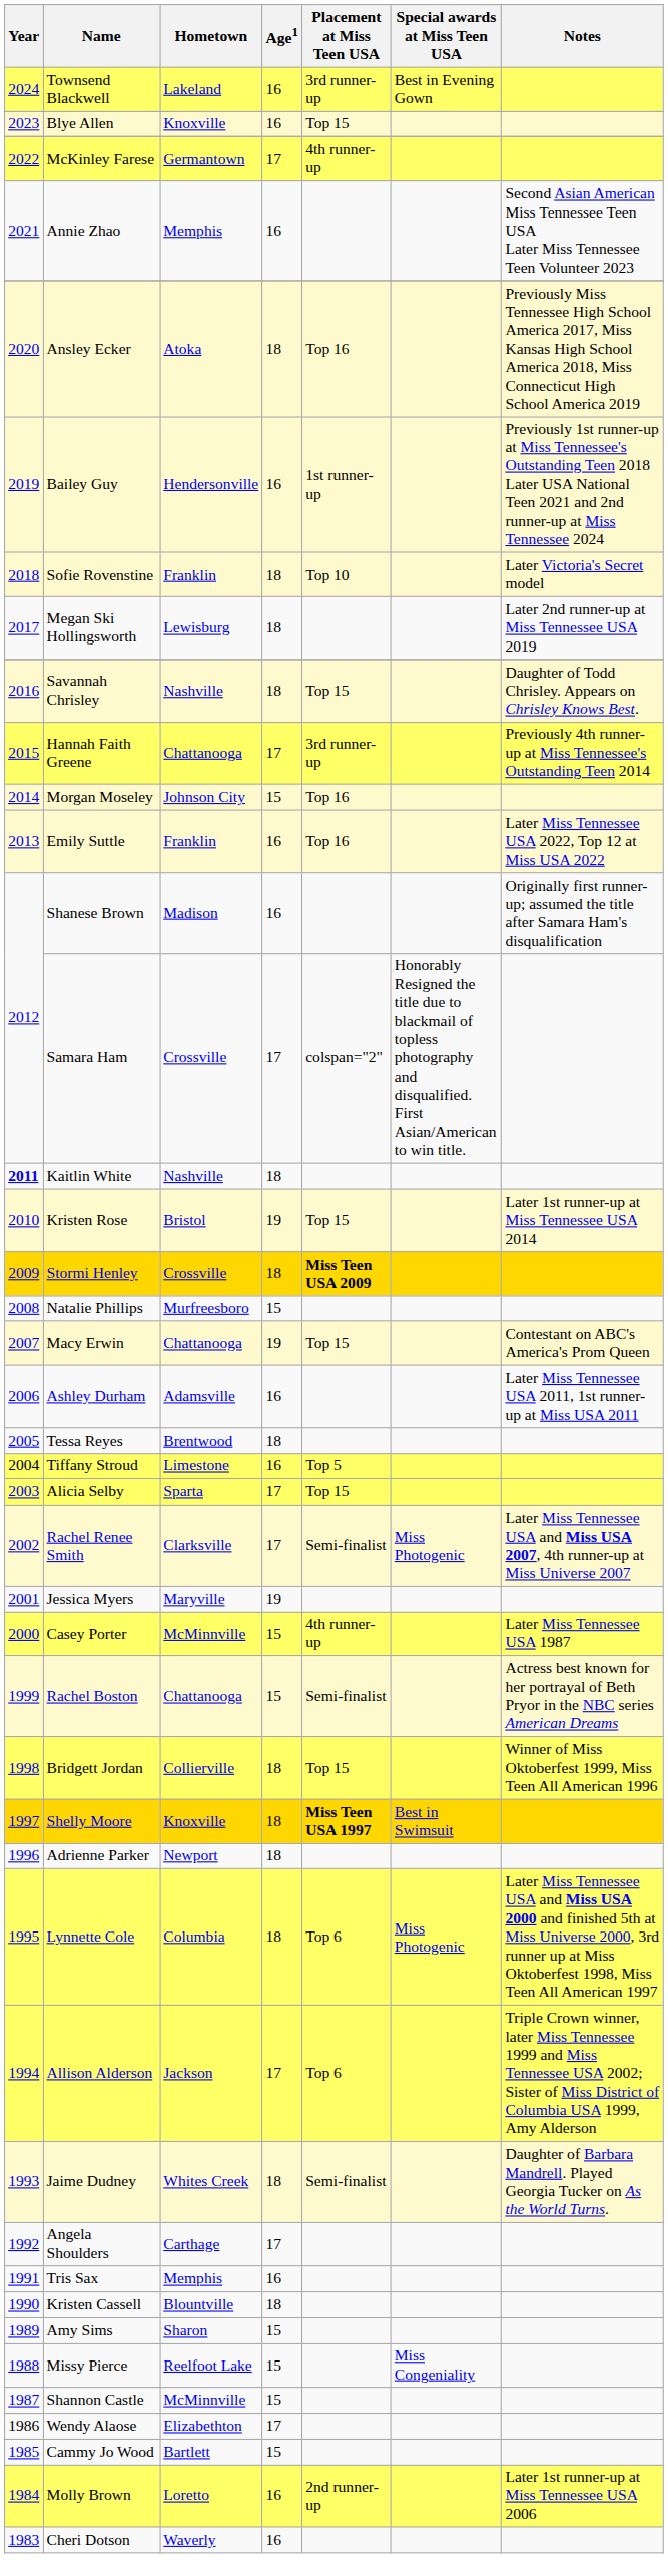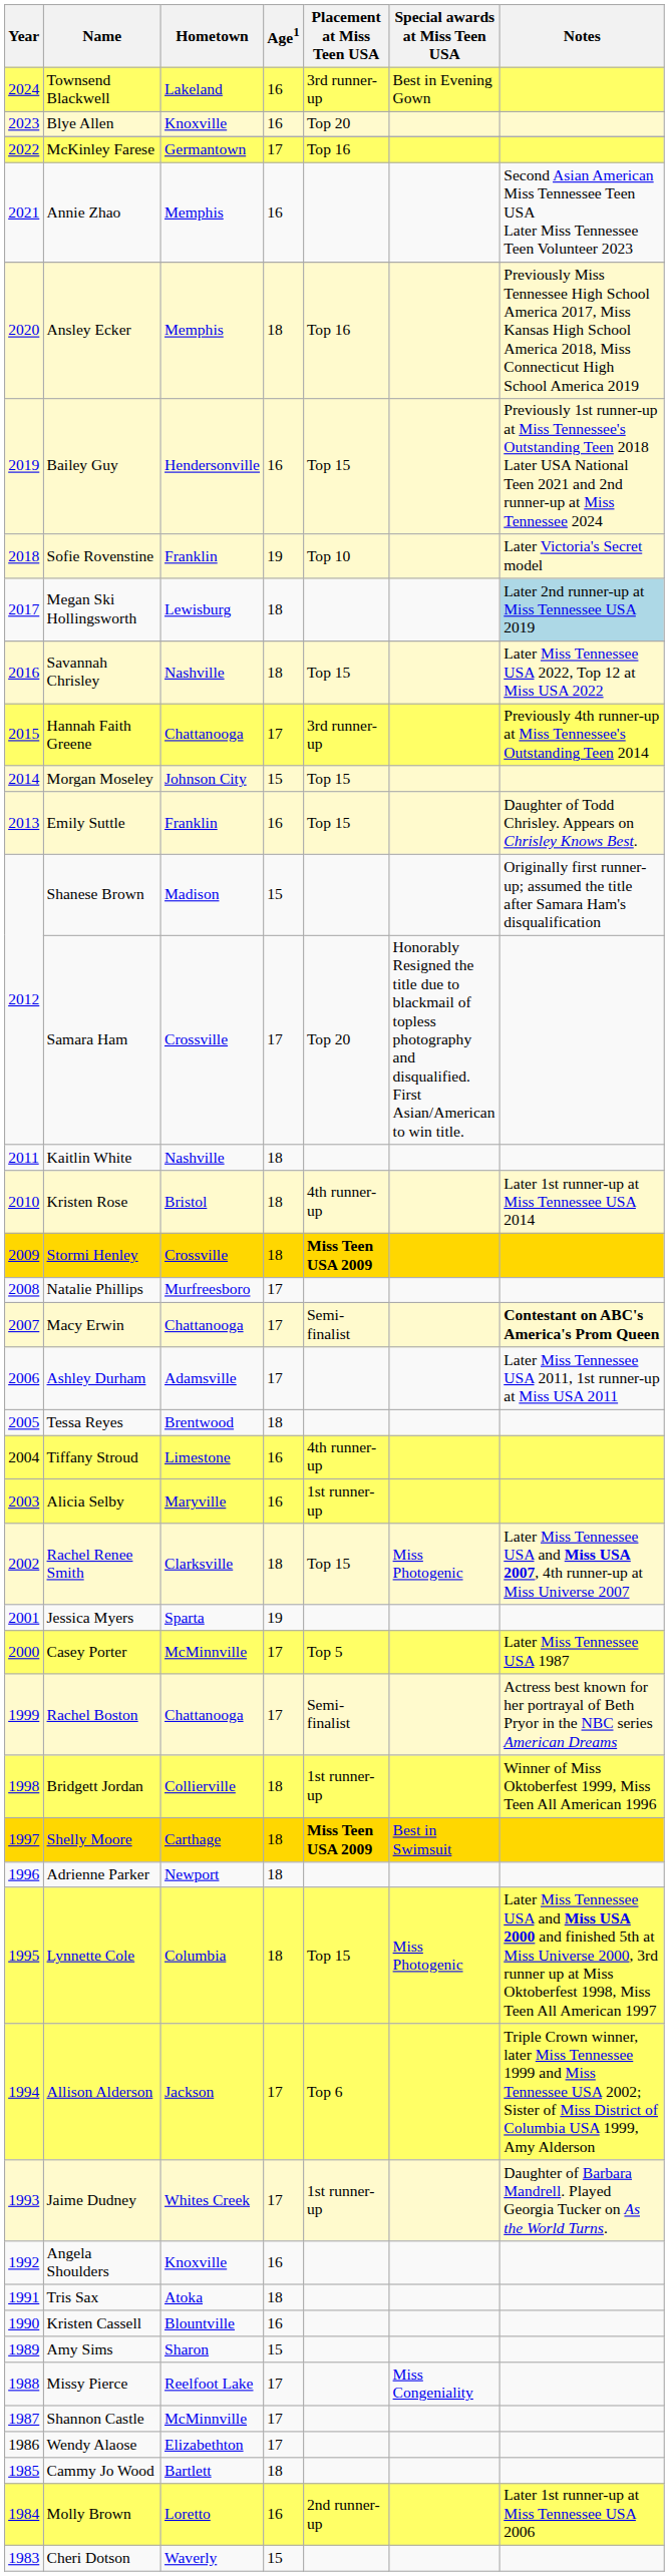 <table class="wikitable"style="font-size:90%;">
 <tr bgcolor="#efefef">
 <th width=5%>Year</th>
 <th width=20%>Name</th>
 <th width=10%>Hometown</th>
 <th width=3%>Age<sup>1</sup></th>
 <th width=14%>Placement at Miss Teen USA</th>
 <th width=17%>Special awards at Miss Teen  USA</th>
 <th width=31%>Notes</th>
 </tr>
 <tr style="background-color:#FFFF66;">
 <td><a href='#'>2024</a></td>
 <td>Townsend Blackwell</td>
 <td><a href='#'>Lakeland</a></td>
 <td>16</td>
 <td>3rd runner-up</td>
 <td>Best in Evening Gown</td>
 <td></td>
 </tr>
 <tr>
 </tr>
 <tr style="background-color:#FFFACD;">
 <td><a href='#'>2023</a></td>
 <td>Blye Allen</td>
 <td><a href='#'>Knoxville</a></td>
 <td>16</td>
-<td>Top 15</td>
+<td>Top 20</td>
 <td></td>
 <td></td>
 </tr>
 <tr>
 </tr>
 <tr style="background-color:#FFFF66;">
 <td><a href='#'>2022</a></td>
 <td>McKinley Farese</td>
 <td><a href='#'>Germantown</a></td>
 <td>17</td>
-<td>4th runner-up</td>
+<td>Top 16</td>
 <td></td>
 <td></td>
 </tr>
 <tr>
 <td><a href='#'>2021</a></td>
 <td>Annie Zhao</td>
 <td><a href='#'>Memphis</a></td>
 <td>16</td>
 <td></td>
 <td></td>
 <td>Second <a href='#'>Asian American</a> Miss Tennessee Teen USA<br>Later Miss Tennessee Teen Volunteer 2023</td>
 </tr>
 <tr>
 </tr>
 <tr style="background-color:#FFFACD;">
 <td><a href='#'>2020</a></td>
 <td>Ansley Ecker</td>
-<td><a href='#'>Atoka</a></td>
+<td><a href='#'>Memphis</a></td>
 <td>18</td>
 <td>Top 16</td>
 <td></td>
 <td>Previously Miss Tennessee High School America 2017, Miss Kansas High School America 2018, Miss Connecticut High School America 2019</td>
 </tr>
 <tr style="background-color:#FFFACD;">
 <td><a href='#'>2019</a></td>
 <td>Bailey Guy</td>
 <td><a href='#'>Hendersonville</a></td>
 <td>16</td>
-<td>1st runner-up</td>
+<td>Top 15</td>
 <td></td>
 <td>Previously 1st runner-up at <a href='#'>Miss Tennessee's Outstanding Teen</a> 2018<br>Later USA National Teen 2021 and 2nd runner-up at <a href='#'>Miss Tennessee</a> 2024</td>
 </tr>
 <tr style="background-color:#FFFACD;">
 <td><a href='#'>2018</a></td>
 <td>Sofie Rovenstine</td>
 <td><a href='#'>Franklin</a></td>
-<td>18</td>
+<td>19</td>
 <td>Top 10</td>
 <td></td>
 <td>Later <a href='#'>Victoria's Secret</a> model</td>
 </tr>
 <tr>
 <td><a href='#'>2017</a></td>
 <td>Megan Ski Hollingsworth</td>
 <td><a href='#'>Lewisburg</a></td>
 <td>18</td>
 <td></td>
 <td></td>
-<td>Later 2nd runner-up at <a href='#'>Miss Tennessee USA</a> 2019</td>
+<td style="background: lightblue;">Later 2nd runner-up at <a href='#'>Miss Tennessee USA</a> 2019</td>
 </tr>
 <tr>
 </tr>
 <tr style="background-color:#FFFACD;">
 <td><a href='#'>2016</a></td>
 <td>Savannah Chrisley</td>
 <td><a href='#'>Nashville</a></td>
 <td>18</td>
 <td>Top 15</td>
 <td></td>
-<td>Daughter of Todd Chrisley. Appears on <em><a href='#'>Chrisley Knows Best</a></em>.</td>
+<td>Later <a href='#'>Miss Tennessee USA</a> 2022, Top 12 at <a href='#'>Miss USA 2022</a></td>
 </tr>
 <tr style="background-color:#FFFF66;">
 <td><a href='#'>2015</a></td>
 <td>Hannah Faith Greene</td>
 <td><a href='#'>Chattanooga</a></td>
 <td>17</td>
 <td>3rd runner-up</td>
 <td></td>
 <td>Previously 4th runner-up at <a href='#'>Miss Tennessee's Outstanding Teen</a> 2014</td>
 </tr>
 <tr style="background-color:#FFFACD;">
 <td><a href='#'>2014</a></td>
 <td>Morgan Moseley</td>
 <td><a href='#'>Johnson City</a></td>
 <td>15</td>
-<td>Top 16</td>
+<td>Top 15</td>
 <td></td>
 <td></td>
 </tr>
 <tr style="background-color:#FFFACD;">
 <td><a href='#'>2013</a></td>
 <td>Emily Suttle</td>
 <td><a href='#'>Franklin</a></td>
 <td>16</td>
-<td>Top 16</td>
+<td>Top 15</td>
 <td></td>
-<td>Later <a href='#'>Miss Tennessee USA</a> 2022, Top 12 at <a href='#'>Miss USA 2022</a></td>
+<td>Daughter of Todd Chrisley. Appears on <em><a href='#'>Chrisley Knows Best</a></em>.</td>
 </tr>
 <tr>
 <td rowspan=2><a href='#'>2012</a></td>
 <td>Shanese Brown</td>
 <td><a href='#'>Madison</a></td>
-<td>16</td>
+<td>15</td>
 <td></td>
 <td></td>
 <td>Originally first runner-up; assumed the title after Samara Ham's disqualification</td>
 </tr>
 <tr>
 <td>Samara Ham</td>
 <td><a href='#'>Crossville</a></td>
 <td>17</td>
-<td>colspan="2" </td>
+<td>Top 20</td>
 <td>Honorably Resigned the title due to blackmail of topless photography and disqualified. First Asian/American to win title.</td>
 </tr>
 <tr>
-<td><strong><a href='#'>2011</a></strong></td>
+<td><a href='#'>2011</a></td>
 <td>Kaitlin White</td>
 <td><a href='#'>Nashville</a></td>
 <td>18</td>
 <td></td>
 <td></td>
 <td></td>
 </tr>
 <tr style="background-color:#FFFACD;">
 <td><a href='#'>2010</a></td>
 <td>Kristen Rose</td>
 <td><a href='#'>Bristol</a></td>
-<td>19</td>
-<td>Top 15</td>
+<td>18</td>
+<td>4th runner-up</td>
 <td></td>
 <td>Later 1st runner-up at <a href='#'>Miss Tennessee USA</a> 2014</td>
 </tr>
 <tr style="background-color:GOLD;">
 <td><a href='#'>2009</a></td>
 <td><a href='#'>Stormi Henley</a></td>
 <td><a href='#'>Crossville</a></td>
 <td>18</td>
 <td><strong>Miss Teen USA 2009</strong></td>
 <td></td>
 <td></td>
 </tr>
 <tr>
 <td><a href='#'>2008</a></td>
 <td>Natalie Phillips</td>
 <td><a href='#'>Murfreesboro</a></td>
-<td>15</td>
+<td>17</td>
 <td></td>
 <td></td>
 <td></td>
 </tr>
 <tr style="background-color:#FFFACD;">
 <td><a href='#'>2007</a></td>
 <td>Macy Erwin</td>
 <td><a href='#'>Chattanooga</a></td>
-<td>19</td>
-<td>Top 15</td>
+<td>17</td>
+<td>Semi-finalist</td>
 <td></td>
-<td>Contestant on ABC's America's Prom Queen</td>
+<td><strong>Contestant on ABC's America's Prom Queen</strong></td>
 </tr>
 <tr>
 <td><a href='#'>2006</a></td>
 <td><a href='#'>Ashley Durham</a></td>
 <td><a href='#'>Adamsville</a></td>
-<td>16</td>
+<td>17</td>
 <td></td>
 <td></td>
 <td>Later <a href='#'>Miss Tennessee USA</a> 2011, 1st runner-up at <a href='#'>Miss USA 2011</a></td>
 </tr>
 <tr>
 <td><a href='#'>2005</a></td>
 <td>Tessa Reyes</td>
 <td><a href='#'>Brentwood</a></td>
 <td>18</td>
 <td></td>
 <td></td>
 <td></td>
 </tr>
 <tr style="background-color:#FFFF66;">
 <td>2004</td>
 <td>Tiffany Stroud</td>
 <td><a href='#'>Limestone</a></td>
 <td>16</td>
-<td>Top 5</td>
+<td>4th runner-up</td>
 <td></td>
 <td></td>
 </tr>
 <tr style="background-color:#FFFF66;">
 <td><a href='#'>2003</a></td>
 <td>Alicia Selby</td>
-<td><a href='#'>Sparta</a></td>
-<td>17</td>
-<td>Top 15</td>
+<td><a href='#'>Maryville</a></td>
+<td>16</td>
+<td>1st runner-up</td>
 <td></td>
 <td></td>
 </tr>
 <tr style="background-color:#FFFACD;">
 <td><a href='#'>2002</a></td>
 <td><a href='#'>Rachel Renee Smith</a></td>
 <td><a href='#'>Clarksville</a></td>
-<td>17</td>
-<td>Semi-finalist</td>
+<td>18</td>
+<td>Top 15</td>
 <td><a href='#'>Miss Photogenic</a></td>
 <td>Later <a href='#'>Miss Tennessee USA</a> and <strong><a href='#'>Miss USA 2007</a></strong>, 4th runner-up at <a href='#'>Miss Universe 2007</a></td>
 </tr>
 <tr>
 <td><a href='#'>2001</a></td>
 <td>Jessica Myers</td>
-<td><a href='#'>Maryville</a></td>
+<td><a href='#'>Sparta</a></td>
 <td>19</td>
 <td></td>
 <td></td>
 <td></td>
 </tr>
 <tr style="background-color:#FFFF66;">
 <td><a href='#'>2000</a></td>
 <td>Casey Porter</td>
 <td><a href='#'>McMinnville</a></td>
-<td>15</td>
-<td>4th runner-up</td>
+<td>17</td>
+<td>Top 5</td>
 <td></td>
 <td>Later <a href='#'>Miss Tennessee USA</a> 1987</td>
 </tr>
 <tr style="background-color:#FFFACD;">
 <td><a href='#'>1999</a></td>
 <td><a href='#'>Rachel Boston</a></td>
 <td><a href='#'>Chattanooga</a></td>
-<td>15</td>
+<td>17</td>
 <td>Semi-finalist</td>
 <td></td>
 <td>Actress best known for her portrayal of Beth Pryor in the <a href='#'>NBC</a> series <em><a href='#'>American Dreams</a></em></td>
 </tr>
 <tr style="background-color:#FFFF66;">
 <td><a href='#'>1998</a></td>
 <td>Bridgett Jordan</td>
 <td><a href='#'>Collierville</a></td>
 <td>18</td>
-<td>Top 15</td>
+<td>1st runner-up</td>
 <td></td>
 <td>Winner of Miss Oktoberfest 1999, Miss Teen All American 1996</td>
 </tr>
 <tr style="background-color:GOLD;">
 <td><a href='#'>1997</a></td>
 <td><a href='#'>Shelly Moore</a></td>
-<td><a href='#'>Knoxville</a></td>
+<td><a href='#'>Carthage</a></td>
 <td>18</td>
-<td><strong>Miss Teen USA 1997</strong></td>
+<td><strong>Miss Teen USA 2009</strong></td>
 <td><a href='#'>Best in Swimsuit</a></td>
 <td></td>
 </tr>
 <tr>
 <td><a href='#'>1996</a></td>
 <td>Adrienne Parker</td>
 <td><a href='#'>Newport</a></td>
 <td>18</td>
 <td></td>
 <td></td>
 <td></td>
 </tr>
 <tr style="background-color:#FFFF66;">
 <td><a href='#'>1995</a></td>
 <td><a href='#'>Lynnette Cole</a></td>
 <td><a href='#'>Columbia</a></td>
 <td>18</td>
-<td>Top 6</td>
+<td>Top 15</td>
 <td><a href='#'>Miss Photogenic</a></td>
 <td>Later <a href='#'>Miss Tennessee USA</a> and <strong><a href='#'>Miss USA 2000</a></strong> and finished 5th at <a href='#'>Miss Universe 2000</a>, 3rd runner up at Miss Oktoberfest 1998, Miss Teen All American 1997</td>
 </tr>
 <tr style="background-color:#FFFF66;">
 <td><a href='#'>1994</a></td>
 <td><a href='#'>Allison Alderson</a></td>
 <td><a href='#'>Jackson</a></td>
 <td>17</td>
 <td>Top 6</td>
 <td></td>
 <td>Triple Crown winner, later <a href='#'>Miss Tennessee</a> 1999 and <a href='#'>Miss Tennessee USA</a> 2002; Sister of <a href='#'>Miss District of Columbia USA</a> 1999, Amy Alderson</td>
 </tr>
 <tr style="background-color:#FFFACD;">
 <td><a href='#'>1993</a></td>
 <td>Jaime Dudney</td>
 <td><a href='#'>Whites Creek</a></td>
-<td>18</td>
-<td>Semi-finalist</td>
+<td>17</td>
+<td>1st runner-up</td>
 <td></td>
 <td>Daughter of <a href='#'>Barbara Mandrell</a>. Played Georgia Tucker on <em><a href='#'>As the World Turns</a></em>.</td>
 </tr>
 <tr>
 <td><a href='#'>1992</a></td>
 <td>Angela Shoulders</td>
-<td><a href='#'>Carthage</a></td>
-<td>17</td>
+<td><a href='#'>Knoxville</a></td>
+<td>16</td>
 <td></td>
 <td></td>
 <td></td>
 </tr>
 <tr>
 <td><a href='#'>1991</a></td>
 <td>Tris Sax</td>
-<td><a href='#'>Memphis</a></td>
-<td>16</td>
+<td><a href='#'>Atoka</a></td>
+<td>18</td>
 <td></td>
 <td></td>
 <td></td>
 </tr>
 <tr>
 <td><a href='#'>1990</a></td>
 <td>Kristen Cassell</td>
 <td><a href='#'>Blountville</a></td>
-<td>18</td>
+<td>16</td>
 <td></td>
 <td></td>
 <td></td>
 </tr>
 <tr>
 <td><a href='#'>1989</a></td>
 <td>Amy Sims</td>
 <td><a href='#'>Sharon</a></td>
 <td>15</td>
 <td></td>
 <td></td>
 <td></td>
 </tr>
 <tr>
 <td><a href='#'>1988</a></td>
 <td>Missy Pierce</td>
 <td><a href='#'>Reelfoot Lake</a></td>
-<td>15</td>
+<td>17</td>
 <td></td>
 <td><a href='#'>Miss Congeniality</a></td>
 <td></td>
 </tr>
 <tr>
 <td><a href='#'>1987</a></td>
 <td>Shannon Castle</td>
 <td><a href='#'>McMinnville</a></td>
-<td>15</td>
+<td>17</td>
 <td></td>
 <td></td>
 <td></td>
 </tr>
 <tr>
 <td>1986</td>
 <td>Wendy Alaose</td>
 <td><a href='#'>Elizabethton</a></td>
 <td>17</td>
 <td></td>
 <td></td>
 <td></td>
 </tr>
 <tr>
 <td><a href='#'>1985</a></td>
 <td>Cammy Jo Wood</td>
 <td><a href='#'>Bartlett</a></td>
-<td>15</td>
+<td>18</td>
 <td></td>
 <td></td>
 <td></td>
 </tr>
 <tr style="background-color:#FFFF66;">
 <td><a href='#'>1984</a></td>
 <td>Molly Brown</td>
 <td><a href='#'>Loretto</a></td>
 <td>16</td>
 <td>2nd runner-up</td>
 <td></td>
 <td>Later 1st runner-up at <a href='#'>Miss Tennessee USA</a> 2006</td>
 </tr>
 <tr>
 <td><a href='#'>1983</a></td>
 <td>Cheri Dotson</td>
 <td><a href='#'>Waverly</a></td>
-<td>16</td>
+<td>15</td>
 <td></td>
 <td></td>
 <td></td>
 </tr>
 </table>
